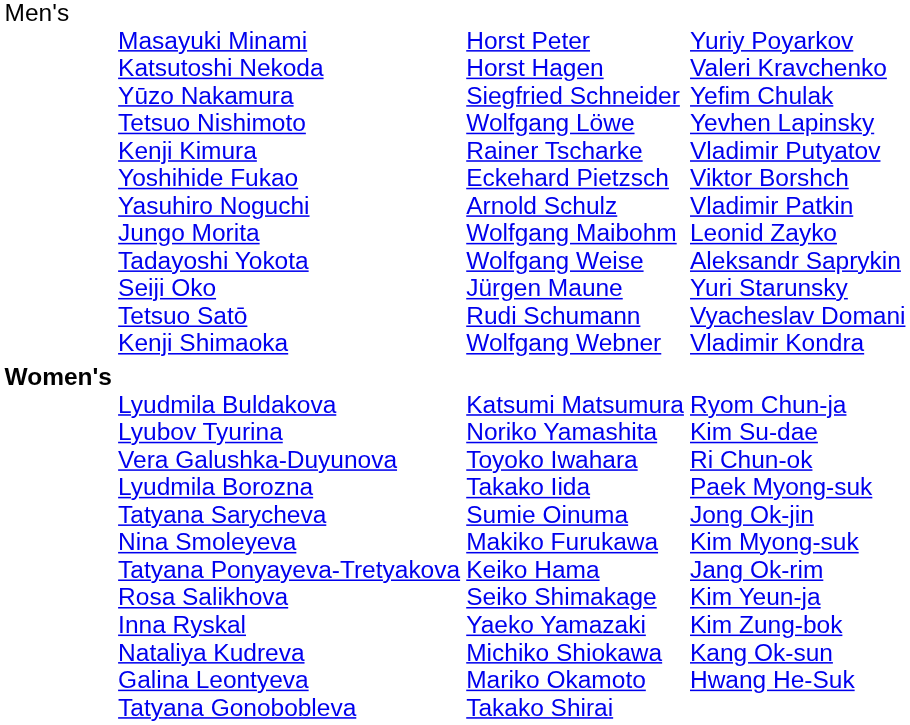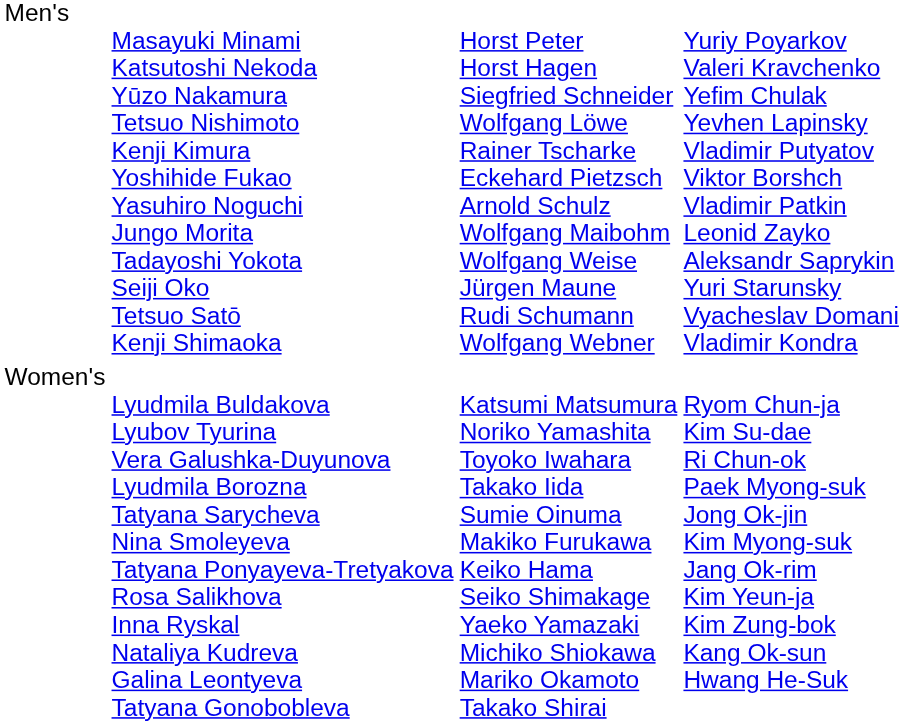 <table>
 <tr valign="top">
 <td>Men's<br></td>
 <td valign=top><br><a href='#'>Masayuki Minami</a><br><a href='#'>Katsutoshi Nekoda</a><br><a href='#'>Yūzo Nakamura</a><br><a href='#'>Tetsuo Nishimoto</a><br><a href='#'>Kenji Kimura</a><br><a href='#'>Yoshihide Fukao</a><br><a href='#'>Yasuhiro Noguchi</a><br><a href='#'>Jungo Morita</a><br><a href='#'>Tadayoshi Yokota</a><br><a href='#'>Seiji Oko</a><br><a href='#'>Tetsuo Satō</a><br><a href='#'>Kenji Shimaoka</a></td>
 <td valign=top><br><a href='#'>Horst Peter</a><br><a href='#'>Horst Hagen</a><br><a href='#'>Siegfried Schneider</a><br><a href='#'>Wolfgang Löwe</a><br><a href='#'>Rainer Tscharke</a><br><a href='#'>Eckehard Pietzsch</a><br><a href='#'>Arnold Schulz</a><br><a href='#'>Wolfgang Maibohm</a><br><a href='#'>Wolfgang Weise</a><br><a href='#'>Jürgen Maune</a><br><a href='#'>Rudi Schumann</a><br><a href='#'>Wolfgang Webner</a></td>
 <td valign=top><br><a href='#'>Yuriy Poyarkov</a><br><a href='#'>Valeri Kravchenko</a><br><a href='#'>Yefim Chulak</a><br><a href='#'>Yevhen Lapinsky</a><br><a href='#'>Vladimir Putyatov</a><br><a href='#'>Viktor Borshch</a><br><a href='#'>Vladimir Patkin</a><br><a href='#'>Leonid Zayko</a><br><a href='#'>Aleksandr Saprykin</a><br><a href='#'>Yuri Starunsky</a><br><a href='#'>Vyacheslav Domani</a><br><a href='#'>Vladimir Kondra</a></td>
 </tr>
 <tr valign="top">
-<td><strong>Women's<br></strong></td>
+<td>Women's<br></td>
 <td valign=top><br><a href='#'>Lyudmila Buldakova</a><br><a href='#'>Lyubov Tyurina</a><br><a href='#'>Vera Galushka-Duyunova</a><br><a href='#'>Lyudmila Borozna</a><br><a href='#'>Tatyana Sarycheva</a><br><a href='#'>Nina Smoleyeva</a><br><a href='#'>Tatyana Ponyayeva-Tretyakova</a><br><a href='#'>Rosa Salikhova</a><br><a href='#'>Inna Ryskal</a><br><a href='#'>Nataliya Kudreva</a><br><a href='#'>Galina Leontyeva</a><br><a href='#'>Tatyana Gonobobleva</a></td>
 <td valign=top><br><a href='#'>Katsumi Matsumura</a><br><a href='#'>Noriko Yamashita</a><br><a href='#'>Toyoko Iwahara</a><br><a href='#'>Takako Iida</a><br><a href='#'>Sumie Oinuma</a><br><a href='#'>Makiko Furukawa</a><br><a href='#'>Keiko Hama</a><br><a href='#'>Seiko Shimakage</a><br><a href='#'>Yaeko Yamazaki</a><br><a href='#'>Michiko Shiokawa</a><br><a href='#'>Mariko Okamoto</a><br><a href='#'>Takako Shirai</a></td>
 <td valign=top><br><a href='#'>Ryom Chun-ja</a><br><a href='#'>Kim Su-dae</a><br><a href='#'>Ri Chun-ok</a><br><a href='#'>Paek Myong-suk</a><br><a href='#'>Jong Ok-jin</a><br><a href='#'>Kim Myong-suk</a><br><a href='#'>Jang Ok-rim</a><br><a href='#'>Kim Yeun-ja</a><br><a href='#'>Kim Zung-bok</a><br><a href='#'>Kang Ok-sun</a><br><a href='#'>Hwang He-Suk</a></td>
 </tr>
 </table>
